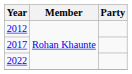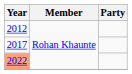 <table class="wikitable sortable">
 <tr>
 <th>Year</th>
 <th>Member</th>
 <th colspan="2">Party</th>
 </tr>
 <tr>
 <td><a href='#'>2012</a></td>
 <td rowspan=3><a href='#'>Rohan Khaunte</a></td>
 <td></td>
 </tr>
 <tr>
 <td><a href='#'>2017</a></td>
 </tr>
 <tr>
-<td><a href='#'>2022</a></td>
+<td style="background: lightsalmon;"><a href='#'>2022</a></td>
 <td></td>
 </tr>
 <tr>
 </tr>
 </table>
